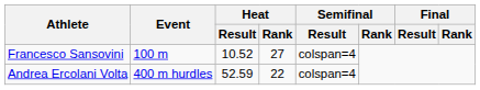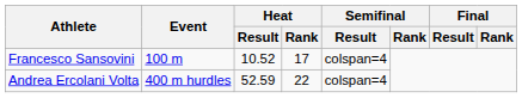 <table class="wikitable">
 <tr>
 <th rowspan="2">Athlete</th>
 <th rowspan="2">Event</th>
 <th colspan="2">Heat</th>
 <th colspan="2">Semifinal</th>
 <th colspan="2">Final</th>
 </tr>
 <tr>
 <th>Result</th>
 <th>Rank</th>
 <th>Result</th>
 <th>Rank</th>
 <th>Result</th>
 <th>Rank</th>
 </tr>
 <tr align=center>
 <td align=left><a href='#'>Francesco Sansovini</a></td>
 <td align=left><a href='#'>100 m</a></td>
 <td>10.52</td>
-<td>27</td>
+<td>17</td>
 <td>colspan=4 </td>
 </tr>
 <tr align=center>
 <td align=left><a href='#'>Andrea Ercolani Volta</a></td>
 <td align=left><a href='#'>400 m hurdles</a></td>
 <td>52.59 </td>
 <td>22</td>
 <td>colspan=4 </td>
 </tr>
 </table>
